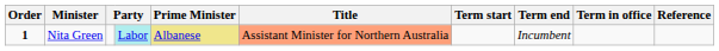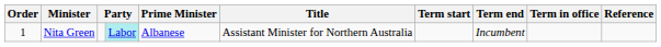 <table class="wikitable">
 <tr>
 <th>Order</th>
 <th>Minister</th>
 <th colspan=2>Party</th>
 <th>Prime Minister</th>
 <th>Title</th>
 <th>Term start</th>
 <th>Term end</th>
 <th>Term in office</th>
 <th>Reference</th>
 </tr>
 <tr>
-<td align=center><strong>1</strong></td>
+<td align=center>1</td>
 <td><a href='#'>Nita Green</a></td>
 <td> </td>
 <td style="background: paleturquoise;"><a href='#'>Labor</a></td>
-<td style="background: khaki;"><a href='#'>Albanese</a></td>
-<td style="background: lightsalmon;">Assistant Minister for Northern Australia</td>
+<td><a href='#'>Albanese</a></td>
+<td>Assistant Minister for Northern Australia</td>
 <td align=center></td>
 <td align=center><em>Incumbent</em></td>
 <td align=right></td>
 <td align=center></td>
 </tr>
 </table>
